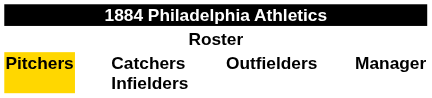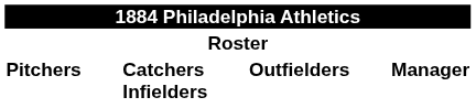 <table class="toccolours" style="font-size: 95%;">
 <tr>
 <th colspan="10" style="background-color: black; color: white; text-align: center;">1884 Philadelphia Athletics</th>
 </tr>
 <tr>
 <td colspan="10" style="background-color: white; color: black; text-align: center;"><strong>Roster</strong></td>
 </tr>
 <tr>
-<td valign="top" style="background: gold;"><strong>Pitchers</strong><br>   </td>
+<td valign="top"><strong>Pitchers</strong><br>   </td>
 <td width="25px"></td>
 <td valign="top"><strong>Catchers</strong><br>      <strong>Infielders</strong>    </td>
 <td width="25px"></td>
 <td valign="top"><strong>Outfielders</strong><br>       </td>
 <td width="25px"></td>
 <td valign="top"><strong>Manager</strong><br></td>
 </tr>
 </table>
